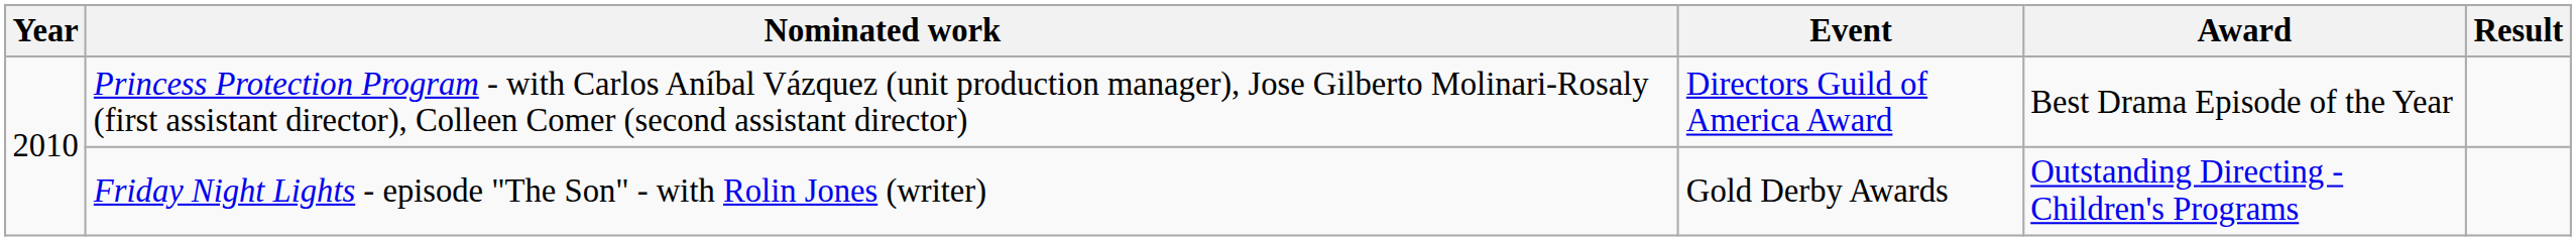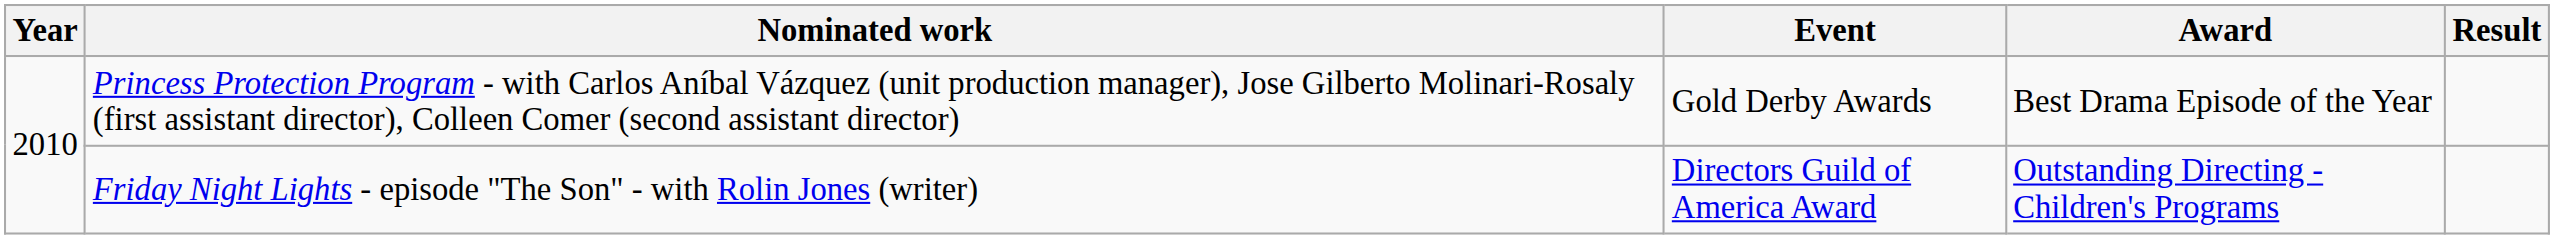 <table class="wikitable">
 <tr>
 <th style="text-align:center;">Year</th>
 <th style="text-align:center;">Nominated work</th>
 <th style="text-align:center;">Event</th>
 <th style="text-align:center;">Award</th>
 <th style="text-align:center;">Result</th>
 </tr>
 <tr>
 <td rowspan=2>2010</td>
 <td><em><a href='#'>Princess Protection Program</a></em> - with Carlos Aníbal Vázquez (unit production manager), Jose Gilberto Molinari-Rosaly (first assistant director), Colleen Comer (second assistant director)</td>
-<td><a href='#'>Directors Guild of America Award</a></td>
+<td>Gold Derby Awards</td>
 <td>Best Drama Episode of the Year</td>
 <td></td>
 </tr>
 <tr>
 <td><em><a href='#'>Friday Night Lights</a></em> - episode "The Son" - with <a href='#'>Rolin Jones</a> (writer)</td>
-<td>Gold Derby Awards</td>
+<td><a href='#'>Directors Guild of America Award</a></td>
 <td><a href='#'>Outstanding Directing - Children's Programs</a></td>
 <td></td>
 </tr>
 </table>
